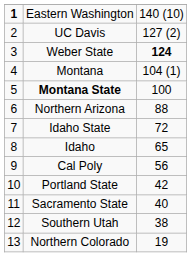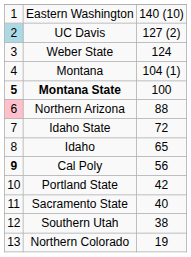 <table class="wikitable" style="display: inline-table;">
 <tr align="center">
 </tr>
 <tr align="center">
-<td><strong>1</strong></td>
+<td>1</td>
 <td>Eastern Washington</td>
 <td>140 (10)</td>
 </tr>
 <tr align="center">
-<td>2</td>
+<td style="background: lightblue;">2</td>
 <td>UC Davis</td>
 <td>127 (2)</td>
 </tr>
 <tr align="center">
 <td>3</td>
 <td>Weber State</td>
-<td><strong>124</strong></td>
+<td>124</td>
 </tr>
 <tr align="center">
 <td>4</td>
 <td>Montana</td>
 <td>104 (1)</td>
 </tr>
 <tr align="center">
-<td>5</td>
+<td><strong>5</strong></td>
 <td><strong>Montana State</strong></td>
 <td>100</td>
 </tr>
 <tr align="center">
-<td>6</td>
+<td style="background: pink;">6</td>
 <td>Northern Arizona</td>
 <td>88</td>
 </tr>
 <tr align="center">
 <td>7</td>
 <td>Idaho State</td>
 <td>72</td>
 </tr>
 <tr align="center">
 <td>8</td>
 <td>Idaho</td>
 <td>65</td>
 </tr>
 <tr align="center">
-<td>9</td>
+<td><strong>9</strong></td>
 <td>Cal Poly</td>
 <td>56</td>
 </tr>
 <tr align="center">
 <td>10</td>
 <td>Portland State</td>
 <td>42</td>
 </tr>
 <tr align="center">
 <td>11</td>
 <td>Sacramento State</td>
 <td>40</td>
 </tr>
 <tr align="center">
 <td>12</td>
 <td>Southern Utah</td>
 <td>38</td>
 </tr>
 <tr align="center">
 <td>13</td>
 <td>Northern Colorado</td>
 <td>19</td>
 </tr>
 </table>
